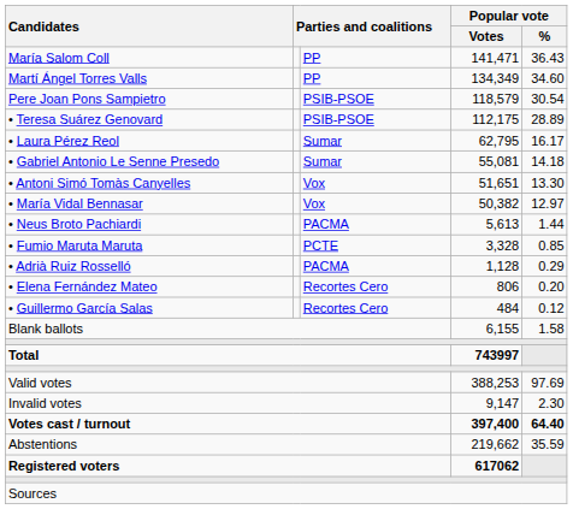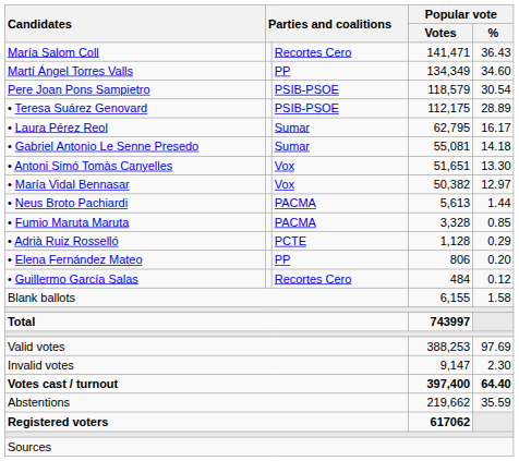 <table class="wikitable" style="text-align:right; font-size:95%;">
 <tr>
 <th style="text-align:left;" rowspan="2" width="325">Candidates</th>
 <th style="text-align:left;" rowspan="2" colspan="2" width="175">Parties and coalitions</th>
 <th colspan="2">Popular vote</th>
 </tr>
 <tr>
 <th width="75">Votes</th>
 <th width="45">%</th>
 </tr>
 <tr>
 <td align="left"> <a href='#'>María Salom Coll</a></td>
 <td width="1" style="color:inherit;background:"></td>
-<td align="left"><a href='#'>PP</a></td>
+<td align="left"><a href='#'>Recortes Cero</a></td>
 <td>141,471</td>
 <td>36.43</td>
 </tr>
 <tr>
 <td align="left"> <a href='#'>Martí Ángel Torres Valls</a></td>
 <td width="1" style="color:inherit;background:"></td>
 <td align="left"><a href='#'>PP</a></td>
 <td>134,349</td>
 <td>34.60</td>
 </tr>
 <tr>
 <td align="left"> <a href='#'>Pere Joan Pons Sampietro</a></td>
 <td width="1" style="color:inherit;background:"></td>
 <td align="left"><a href='#'>PSIB-PSOE</a></td>
 <td>118,579</td>
 <td>30.54</td>
 </tr>
 <tr>
 <td align="left">• <a href='#'>Teresa Suárez Genovard</a></td>
 <td width="1" style="color:inherit;background:"></td>
 <td align="left"><a href='#'>PSIB-PSOE</a></td>
 <td>112,175</td>
 <td>28.89</td>
 </tr>
 <tr>
 <td align="left">• <a href='#'>Laura Pérez Reol</a></td>
 <td width="1" style="color:inherit;background:"></td>
 <td align="left"><a href='#'>Sumar</a></td>
 <td>62,795</td>
 <td>16.17</td>
 </tr>
 <tr>
 <td align="left">• <a href='#'>Gabriel Antonio Le Senne Presedo</a></td>
 <td width="1" style="color:inherit;background:"></td>
 <td align="left"><a href='#'>Sumar</a></td>
 <td>55,081</td>
 <td>14.18</td>
 </tr>
 <tr>
 <td align="left">• <a href='#'>Antoni Simó Tomàs Canyelles</a></td>
 <td width="1" style="color:inherit;background:"></td>
 <td align="left"><a href='#'>Vox</a></td>
 <td>51,651</td>
 <td>13.30</td>
 </tr>
 <tr>
 <td align="left">• <a href='#'>María Vidal Bennasar</a></td>
 <td width="1" style="color:inherit;background:"></td>
 <td align="left"><a href='#'>Vox</a></td>
 <td>50,382</td>
 <td>12.97</td>
 </tr>
 <tr>
 <td align="left">• <a href='#'>Neus Broto Pachiardi</a></td>
 <td width="1" style="color:inherit;background:"></td>
 <td align="left"><a href='#'>PACMA</a></td>
 <td>5,613</td>
 <td>1.44</td>
 </tr>
 <tr>
 <td align="left">• <a href='#'>Fumio Maruta Maruta</a></td>
 <td width="1" style="color:inherit;background:"></td>
-<td align="left"><a href='#'>PCTE</a></td>
+<td align="left"><a href='#'>PACMA</a></td>
 <td>3,328</td>
 <td>0.85</td>
 </tr>
 <tr>
 <td align="left">• <a href='#'>Adrià Ruiz Rosselló</a></td>
 <td width="1" style="color:inherit;background:"></td>
-<td align="left"><a href='#'>PACMA</a></td>
+<td align="left"><a href='#'>PCTE</a></td>
 <td>1,128</td>
 <td>0.29</td>
 </tr>
 <tr>
 <td align="left">• <a href='#'>Elena Fernández Mateo</a></td>
 <td width="1" style="color:inherit;background:"></td>
-<td align="left"><a href='#'>Recortes Cero</a></td>
+<td align="left"><a href='#'>PP</a></td>
 <td>806</td>
 <td>0.20</td>
 </tr>
 <tr>
 <td align="left">• <a href='#'>Guillermo García Salas</a></td>
 <td width="1" style="color:inherit;background:"></td>
 <td align="left"><a href='#'>Recortes Cero</a></td>
 <td>484</td>
 <td>0.12</td>
 </tr>
 <tr>
 <td align="left" colspan="3">Blank ballots</td>
 <td>6,155</td>
 <td>1.58</td>
 </tr>
 <tr>
 <td colspan="5" bgcolor="#E9E9E9"></td>
 </tr>
 <tr style="font-weight:bold;">
 <td align="left" colspan="3">Total</td>
 <td>743997</td>
 <td bgcolor="#E9E9E9"></td>
 </tr>
 <tr>
 <td colspan="5" bgcolor="#E9E9E9"></td>
 </tr>
 <tr>
 <td align="left" colspan="3">Valid votes</td>
 <td>388,253</td>
 <td>97.69</td>
 </tr>
 <tr>
 <td align="left" colspan="3">Invalid votes</td>
 <td>9,147</td>
 <td>2.30</td>
 </tr>
 <tr style="font-weight:bold;">
 <td align="left" colspan="3">Votes cast / turnout</td>
 <td>397,400</td>
 <td>64.40</td>
 </tr>
 <tr>
 <td align="left" colspan="3">Abstentions</td>
 <td>219,662</td>
 <td>35.59</td>
 </tr>
 <tr style="font-weight:bold;">
 <td align="left" colspan="3">Registered voters</td>
 <td>617062</td>
 <td bgcolor="#E9E9E9"></td>
 </tr>
 <tr>
 <td colspan="5" bgcolor="#E9E9E9"></td>
 </tr>
 <tr>
 <td align="left" colspan="5">Sources</td>
 </tr>
 </table>
